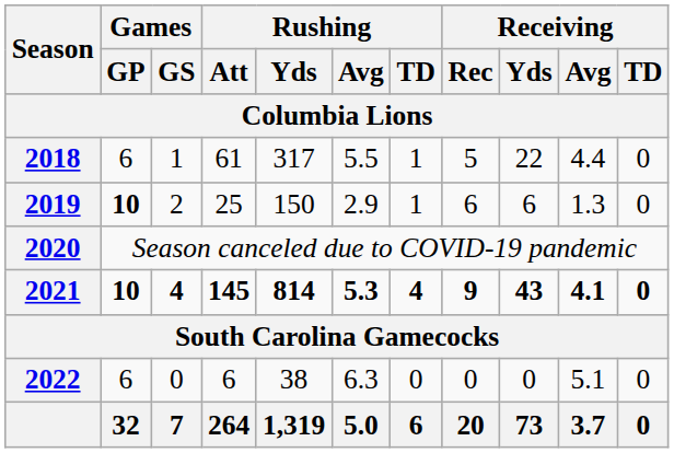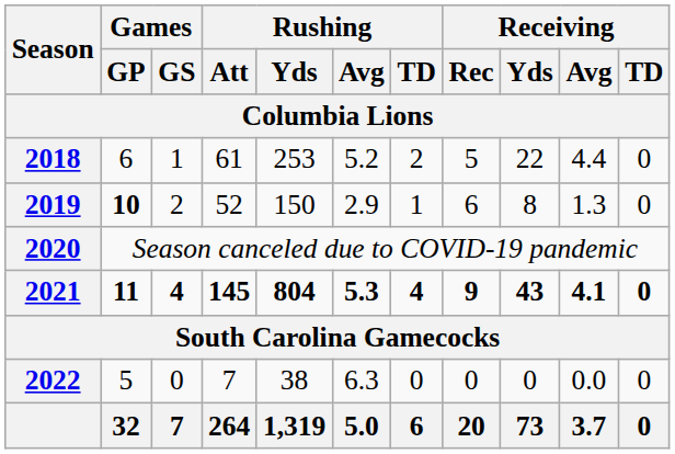 <table class="wikitable" style="text-align:center;">
 <tr>
 <th rowspan="2">Season</th>
 <th colspan="2">Games</th>
 <th colspan="4">Rushing</th>
 <th colspan="4">Receiving</th>
 </tr>
 <tr>
 <th>GP</th>
 <th>GS</th>
 <th>Att</th>
 <th>Yds</th>
 <th>Avg</th>
 <th>TD</th>
 <th>Rec</th>
 <th>Yds</th>
 <th>Avg</th>
 <th>TD</th>
 </tr>
 <tr>
 <th colspan="20">Columbia Lions</th>
 </tr>
 <tr>
 <th><a href='#'>2018</a></th>
 <td>6</td>
 <td>1</td>
 <td>61</td>
-<td>317</td>
-<td>5.5</td>
-<td>1</td>
+<td>253</td>
+<td>5.2</td>
+<td>2</td>
 <td>5</td>
 <td>22</td>
 <td>4.4</td>
 <td>0</td>
 </tr>
 <tr>
 <th><a href='#'>2019</a></th>
 <td><strong>10</strong></td>
 <td>2</td>
-<td>25</td>
+<td>52</td>
 <td>150</td>
 <td>2.9</td>
 <td>1</td>
 <td>6</td>
-<td>6</td>
+<td>8</td>
 <td>1.3</td>
 <td>0</td>
 </tr>
 <tr>
 <th><a href='#'>2020</a></th>
 <td colspan="10"><em>Season canceled due to COVID-19 pandemic</em></td>
 </tr>
 <tr>
 <th><a href='#'>2021</a></th>
-<td><strong>10</strong></td>
+<td><strong>11</strong></td>
 <td><strong>4</strong></td>
 <td><strong>145</strong></td>
-<td><strong>814</strong></td>
+<td><strong>804</strong></td>
 <td><strong>5.3</strong></td>
 <td><strong>4</strong></td>
 <td><strong>9</strong></td>
 <td><strong>43</strong></td>
 <td><strong>4.1</strong></td>
 <td><strong>0</strong></td>
 </tr>
 <tr>
 <th colspan="20">South Carolina Gamecocks</th>
 </tr>
 <tr>
 <th><a href='#'>2022</a></th>
-<td>6</td>
+<td>5</td>
 <td>0</td>
-<td>6</td>
+<td>7</td>
 <td>38</td>
 <td>6.3</td>
 <td>0</td>
 <td>0</td>
 <td>0</td>
-<td>5.1</td>
+<td>0.0</td>
 <td>0</td>
 </tr>
 <tr>
 <th></th>
 <th>32</th>
 <th>7</th>
 <th>264</th>
 <th>1,319</th>
 <th>5.0</th>
 <th>6</th>
 <th>20</th>
 <th>73</th>
 <th>3.7</th>
 <th>0</th>
 </tr>
 </table>
